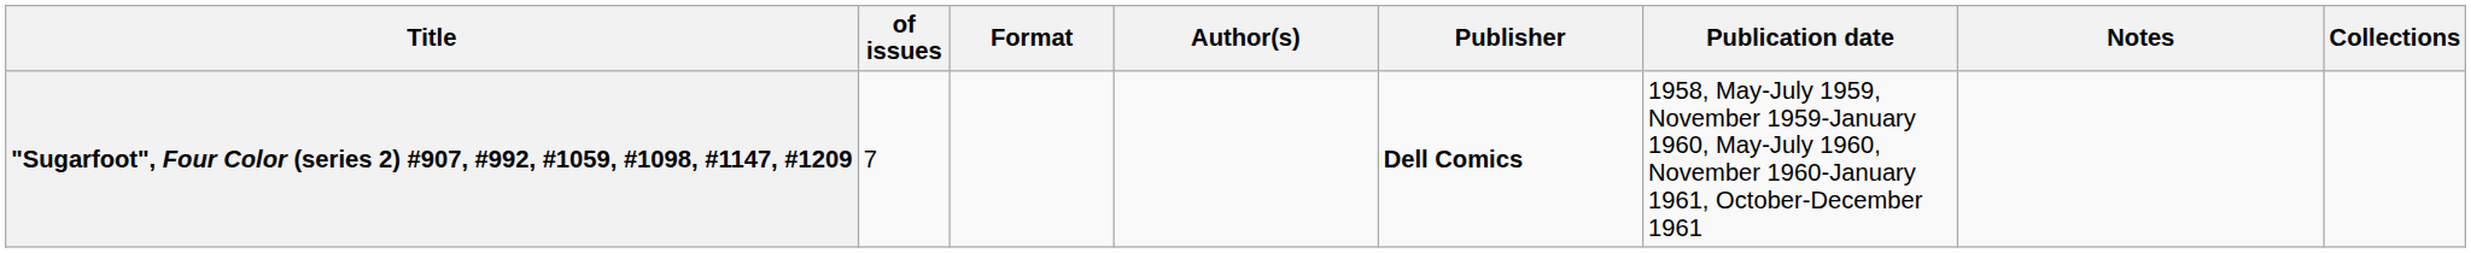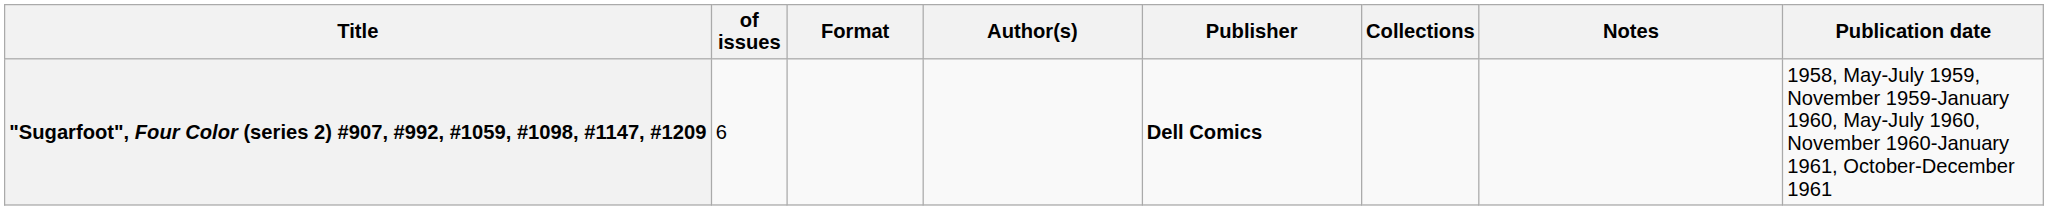 <table class="wikitable">
 <tr>
 <th>Title</th>
 <th style="width:40pt"> of issues</th>
 <th style="width:75pt">Format</th>
 <th style="width:125pt">Author(s)</th>
 <th style="width:125pt">Publisher</th>
+<th>Collections</th>
+<th style="width:175pt">Notes</th>
 <th style="width:150pt">Publication date</th>
-<th style="width:175pt">Notes</th>
-<th>Collections</th>
 </tr>
 <tr>
 <th>"Sugarfoot", <em>Four Color</em> (series 2) #907, #992, #1059, #1098, #1147, #1209</th>
-<td>7</td>
+<td>6</td>
 <td></td>
 <td></td>
 <td><strong>Dell Comics</strong></td>
-<td>1958, May-July 1959, November 1959-January 1960, May-July 1960, November 1960-January 1961, October-December 1961</td>
 <td></td>
 <td></td>
+<td>1958, May-July 1959, November 1959-January 1960, May-July 1960, November 1960-January 1961, October-December 1961</td>
 </tr>
 </table>
